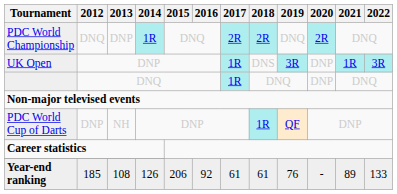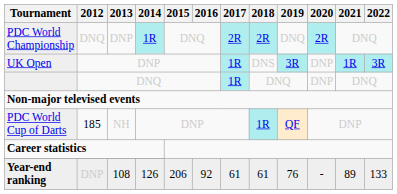 <table class="wikitable" style="width:30%; margin:0">
 <tr>
 <th>Tournament</th>
 <th>2012</th>
 <th>2013</th>
 <th>2014</th>
 <th>2015</th>
 <th>2016</th>
 <th>2017</th>
 <th>2018</th>
 <th>2019</th>
 <th>2020</th>
 <th>2021</th>
 <th>2022</th>
 </tr>
 <tr>
 <td style="background:#efefef;"><a href='#'>PDC World Championship</a></td>
 <td style="text-align:center; color:#ccc;">DNQ</td>
 <td style="text-align:center; color:#ccc;">DNP</td>
 <td style="text-align:center; background:#afeeee;"><a href='#'>1R</a></td>
 <td colspan="2" style="text-align:center; color:#ccc;">DNQ</td>
 <td style="text-align:center; background:#afeeee;"><a href='#'>2R</a></td>
 <td style="text-align:center; background:#afeeee;"><a href='#'>2R</a></td>
 <td style="text-align:center; color:#ccc;">DNQ</td>
 <td style="text-align:center; background:#afeeee;"><a href='#'>2R</a></td>
 <td colspan="2" style="text-align:center; color:#ccc;">DNQ</td>
 </tr>
 <tr>
 <td style="background:#efefef;"><a href='#'>UK Open</a></td>
 <td colspan="5" style="text-align:center; color:#ccc;">DNP</td>
 <td style="text-align:center; background:#afeeee;"><a href='#'>1R</a></td>
 <td style="text-align:center; color:#ccc;">DNS</td>
 <td style="text-align:center; background:#afeeee;"><a href='#'>3R</a></td>
 <td style="text-align:center; color:#ccc;">DNP</td>
 <td style="text-align:center; background:#afeeee;"><a href='#'>1R</a></td>
 <td style="text-align:center; background:#afeeee;"><a href='#'>3R</a></td>
 </tr>
 <tr>
 <td style="background:#efefef;"></td>
 <td colspan="5" style="text-align:center; color:#ccc;">DNQ</td>
 <td style="text-align:center; background:#afeeee;"><a href='#'>1R</a></td>
 <td colspan="2" style="text-align:center; color:#ccc;">DNQ</td>
 <td style="text-align:center; color:#ccc;">DNP</td>
 <td colspan="2" style="text-align:center; color:#ccc;">DNQ</td>
 </tr>
 <tr>
 <td colspan="12" align="left"><strong>Non-major televised events</strong></td>
 </tr>
 <tr>
 <td style="background:#efefef;"><a href='#'>PDC World Cup of Darts</a></td>
-<td style="text-align:center; color:#ccc;">DNP</td>
+<td style="text-align:center;">185</td>
 <td style="text-align:center; color:#ccc;">NH</td>
 <td colspan="4" style="text-align:center; color:#ccc;">DNP</td>
 <td style="text-align:center; background:#afeeee;"><a href='#'>1R</a></td>
 <td style="text-align:center; background:#ffebcd;"><a href='#'>QF</a></td>
 <td colspan="3" style="text-align:center; color:#ccc;">DNP</td>
 </tr>
 <tr>
 <td colspan="4" align="left"><strong>Career statistics</strong></td>
 </tr>
 <tr>
 </tr>
 <tr bgcolor="efefef">
 <td align="left"><strong>Year-end ranking</strong></td>
-<td style="text-align:center;">185</td>
+<td style="text-align:center; color:#ccc;">DNP</td>
 <td style="text-align:center;">108</td>
 <td style="text-align:center;">126</td>
 <td style="text-align:center;">206</td>
 <td style="text-align:center;">92</td>
 <td style="text-align:center;">61</td>
 <td style="text-align:center;">61</td>
 <td style="text-align:center;">76</td>
 <td style="text-align:center;">-</td>
 <td style="text-align:center;">89</td>
 <td style="text-align:center;">133</td>
 </tr>
 </table>
